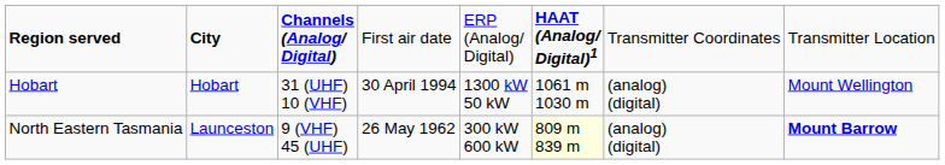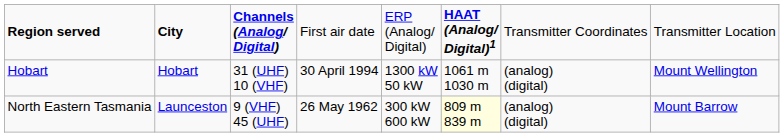 <table class="wikitable">
 <tr>
 <td><strong>Region served</strong></td>
 <td><strong>City</strong></td>
 <td><strong><a href='#'>Channels</a><br><em>(<a href='#'>Analog</a>/<br><a href='#'>Digital</a>)<strong><em></td>
 <td></strong>First air date<strong></td>
 <td></strong><a href='#'>ERP</a><br></em>(Analog/<br>Digital)</em></strong></td>
 <td><strong><a href='#'>HAAT</a><br><em>(Analog/<br>Digital)<strong><em><sup>1</sup></td>
 <td></strong>Transmitter Coordinates<strong></td>
 <td></strong>Transmitter Location<strong></td>
 </tr>
 <tr style="vertical-align: top; text-align: left;">
 <td><a href='#'>Hobart</a></td>
 <td><a href='#'>Hobart</a></td>
 <td>31 (<a href='#'>UHF</a>)<br>10 (<a href='#'>VHF</a>)</td>
 <td>30 April 1994</td>
 <td>1300 <a href='#'>kW</a><br>50 kW</td>
 <td>1061 m<br>1030 m</td>
 <td> (analog)<br> (digital)</td>
 <td><a href='#'>Mount Wellington</a></td>
 </tr>
 <tr style="vertical-align: top; text-align: left;">
 <td>North Eastern Tasmania</td>
 <td><a href='#'>Launceston</a></td>
 <td>9 (<a href='#'>VHF</a>)<br>45 (<a href='#'>UHF</a>)</td>
 <td>26 May 1962</td>
 <td>300 kW<br>600 kW</td>
 <td style="background: lightyellow;">809 m<br>839 m</td>
 <td> (analog)<br> (digital)</td>
-<td><strong><a href='#'>Mount Barrow</a></strong></td>
+<td><a href='#'>Mount Barrow</a></td>
 </tr>
 </table>
